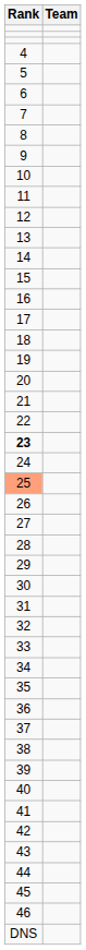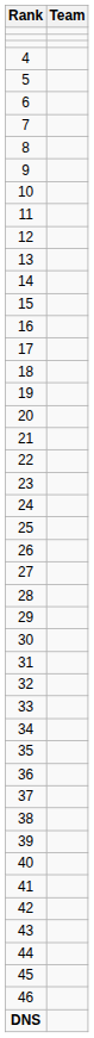 <table class="wikitable">
 <tr>
 <th>Rank</th>
 <th>Team</th>
 </tr>
 <tr>
 <td align=center></td>
 <td></td>
 </tr>
 <tr>
 <td align=center></td>
 <td></td>
 </tr>
 <tr>
 <td align=center></td>
 <td></td>
 </tr>
 <tr>
 <td align=center>4</td>
 <td></td>
 </tr>
 <tr>
 <td align=center>5</td>
 <td></td>
 </tr>
 <tr>
 <td align=center>6</td>
 <td></td>
 </tr>
 <tr>
 <td align=center>7</td>
 <td></td>
 </tr>
 <tr>
 <td align=center>8</td>
 <td></td>
 </tr>
 <tr>
 <td align=center>9</td>
 <td></td>
 </tr>
 <tr>
 <td align=center>10</td>
 <td></td>
 </tr>
 <tr>
 <td align=center>11</td>
 <td></td>
 </tr>
 <tr>
 <td align=center>12</td>
 <td></td>
 </tr>
 <tr>
 <td align=center>13</td>
 <td></td>
 </tr>
 <tr>
 <td align=center>14</td>
 <td></td>
 </tr>
 <tr>
 <td align=center>15</td>
 <td></td>
 </tr>
 <tr>
 <td align=center>16</td>
 <td></td>
 </tr>
 <tr>
 <td align=center>17</td>
 <td></td>
 </tr>
 <tr>
 <td align=center>18</td>
 <td></td>
 </tr>
 <tr>
 <td align=center>19</td>
 <td></td>
 </tr>
 <tr>
 <td align=center>20</td>
 <td></td>
 </tr>
 <tr>
 <td align=center>21</td>
 <td></td>
 </tr>
 <tr>
 <td align=center>22</td>
 <td></td>
 </tr>
 <tr>
-<td align=center><strong>23</strong></td>
+<td align=center>23</td>
 <td></td>
 </tr>
 <tr>
 <td align=center>24</td>
 <td></td>
 </tr>
 <tr>
-<td align=center style="background: lightsalmon;">25</td>
+<td align=center>25</td>
 <td></td>
 </tr>
 <tr>
 <td align=center>26</td>
 <td></td>
 </tr>
 <tr>
 <td align=center>27</td>
 <td></td>
 </tr>
 <tr>
 <td align=center>28</td>
 <td></td>
 </tr>
 <tr>
 <td align=center>29</td>
 <td></td>
 </tr>
 <tr>
 <td align=center>30</td>
 <td></td>
 </tr>
 <tr>
 <td align=center>31</td>
 <td></td>
 </tr>
 <tr>
 <td align=center>32</td>
 <td></td>
 </tr>
 <tr>
 <td align=center>33</td>
 <td></td>
 </tr>
 <tr>
 <td align=center>34</td>
 <td></td>
 </tr>
 <tr>
 <td align=center>35</td>
 <td></td>
 </tr>
 <tr>
 <td align=center>36</td>
 <td></td>
 </tr>
 <tr>
 <td align=center>37</td>
 <td></td>
 </tr>
 <tr>
 <td align=center>38</td>
 <td></td>
 </tr>
 <tr>
 <td align=center>39</td>
 <td></td>
 </tr>
 <tr>
 <td align=center>40</td>
 <td></td>
 </tr>
 <tr>
 <td align=center>41</td>
 <td></td>
 </tr>
 <tr>
 <td align=center>42</td>
 <td></td>
 </tr>
 <tr>
 <td align=center>43</td>
 <td></td>
 </tr>
 <tr>
 <td align=center>44</td>
 <td></td>
 </tr>
 <tr>
 <td align=center>45</td>
 <td></td>
 </tr>
 <tr>
 <td align=center>46</td>
 <td></td>
 </tr>
 <tr>
-<td align=center>DNS</td>
+<td align=center><strong>DNS</strong></td>
 <td></td>
 </tr>
 </table>
